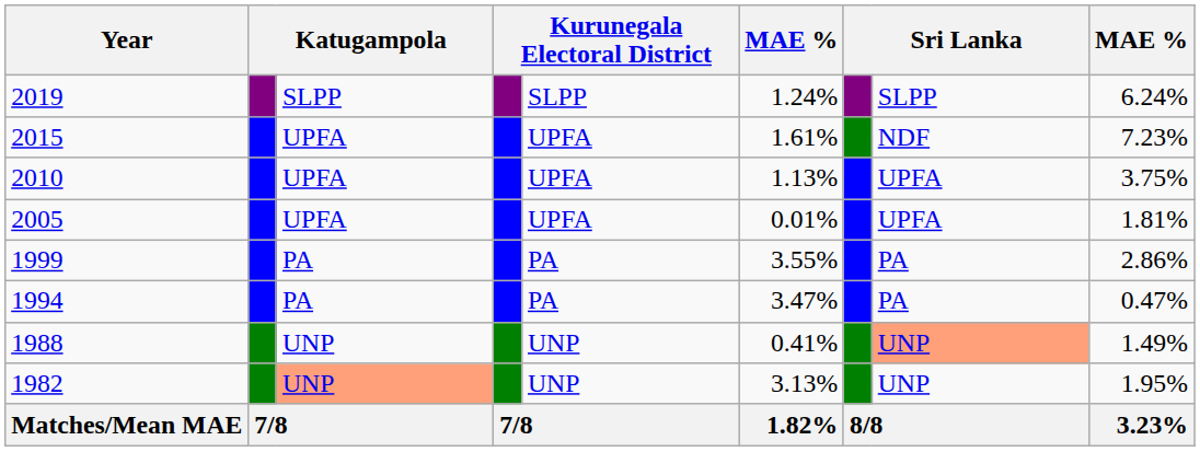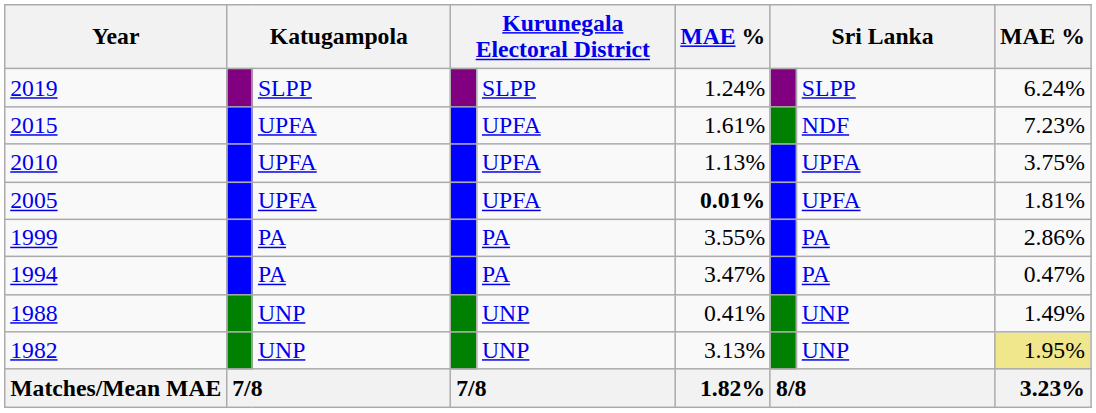 <table class="wikitable">
 <tr>
 <th>Year</th>
 <th colspan="2" width="144px">Katugampola</th>
 <th colspan="2" width="144px"><a href='#'>Kurunegala Electoral District</a></th>
 <th><a href='#'>MAE</a> %</th>
 <th colspan="2" width="144px">Sri Lanka</th>
 <th>MAE %</th>
 </tr>
 <tr>
 <td><a href='#'>2019</a></td>
 <td style="background-color:purple;" width="10px"></td>
 <td style="text-align:left;"><a href='#'>SLPP</a></td>
 <td style="background-color:purple;" width="10px"></td>
 <td style="text-align:left;"><a href='#'>SLPP</a></td>
 <td style="text-align:right;">1.24%</td>
 <td style="background-color:purple;" width="10px"></td>
 <td style="text-align:left;"><a href='#'>SLPP</a></td>
 <td style="text-align:right;">6.24%</td>
 </tr>
 <tr>
 <td><a href='#'>2015</a></td>
 <td style="background-color:blue;" width="10px"></td>
 <td style="text-align:left;"><a href='#'>UPFA</a></td>
 <td style="background-color:blue;" width="10px"></td>
 <td style="text-align:left;"><a href='#'>UPFA</a></td>
 <td style="text-align:right;">1.61%</td>
 <td style="background-color:green;" width="10px"></td>
 <td style="text-align:left;"><a href='#'>NDF</a></td>
 <td style="text-align:right;">7.23%</td>
 </tr>
 <tr>
 <td><a href='#'>2010</a></td>
 <td style="background-color:blue;" width="10px"></td>
 <td style="text-align:left;"><a href='#'>UPFA</a></td>
 <td style="background-color:blue;" width="10px"></td>
 <td style="text-align:left;"><a href='#'>UPFA</a></td>
 <td style="text-align:right;">1.13%</td>
 <td style="background-color:blue;" width="10px"></td>
 <td style="text-align:left;"><a href='#'>UPFA</a></td>
 <td style="text-align:right;">3.75%</td>
 </tr>
 <tr>
 <td><a href='#'>2005</a></td>
 <td style="background-color:blue;" width="10px"></td>
 <td style="text-align:left;"><a href='#'>UPFA</a></td>
 <td style="background-color:blue;" width="10px"></td>
 <td style="text-align:left;"><a href='#'>UPFA</a></td>
-<td style="text-align:right;">0.01%</td>
+<td style="text-align:right;"><strong>0.01%</strong></td>
 <td style="background-color:blue;" width="10px"></td>
 <td style="text-align:left;"><a href='#'>UPFA</a></td>
 <td style="text-align:right;">1.81%</td>
 </tr>
 <tr>
 <td><a href='#'>1999</a></td>
 <td style="background-color:blue;" width="10px"></td>
 <td style="text-align:left;"><a href='#'>PA</a></td>
 <td style="background-color:blue;" width="10px"></td>
 <td style="text-align:left;"><a href='#'>PA</a></td>
 <td style="text-align:right;">3.55%</td>
 <td style="background-color:blue;" width="10px"></td>
 <td style="text-align:left;"><a href='#'>PA</a></td>
 <td style="text-align:right;">2.86%</td>
 </tr>
 <tr>
 <td><a href='#'>1994</a></td>
 <td style="background-color:blue;" width="10px"></td>
 <td style="text-align:left;"><a href='#'>PA</a></td>
 <td style="background-color:blue;" width="10px"></td>
 <td style="text-align:left;"><a href='#'>PA</a></td>
 <td style="text-align:right;">3.47%</td>
 <td style="background-color:blue;" width="10px"></td>
 <td style="text-align:left;"><a href='#'>PA</a></td>
 <td style="text-align:right;">0.47%</td>
 </tr>
 <tr>
 <td><a href='#'>1988</a></td>
 <td style="background-color:green;" width="10px"></td>
 <td style="text-align:left;"><a href='#'>UNP</a></td>
 <td style="background-color:green;" width="10px"></td>
 <td style="text-align:left;"><a href='#'>UNP</a></td>
 <td style="text-align:right;">0.41%</td>
 <td style="background-color:green;" width="10px"></td>
-<td style="background: lightsalmon; text-align:left;"><a href='#'>UNP</a></td>
+<td style="text-align:left;"><a href='#'>UNP</a></td>
 <td style="text-align:right;">1.49%</td>
 </tr>
 <tr>
 <td><a href='#'>1982</a></td>
 <td style="background-color:green;" width="10px"></td>
-<td style="background: lightsalmon; text-align:left;"><a href='#'>UNP</a></td>
+<td style="text-align:left;"><a href='#'>UNP</a></td>
 <td style="background-color:green;" width="10px"></td>
 <td style="text-align:left;"><a href='#'>UNP</a></td>
 <td style="text-align:right;">3.13%</td>
 <td style="background-color:green;" width="10px"></td>
 <td style="text-align:left;"><a href='#'>UNP</a></td>
-<td style="text-align:right;">1.95%</td>
+<td style="background: khaki; text-align:right;">1.95%</td>
 </tr>
 <tr>
 <th>Matches/Mean MAE</th>
 <th style="text-align:left;"colspan="2" width="144px">7/8</th>
 <th style="text-align:left;"colspan="2" width="144px">7/8</th>
 <th style="text-align:right;">1.82%</th>
 <th style="text-align:left;"colspan="2" width="144px">8/8</th>
 <th style="text-align:right;">3.23%</th>
 </tr>
 </table>
